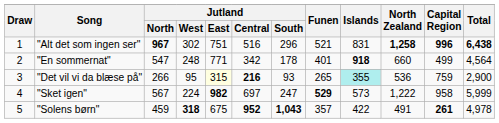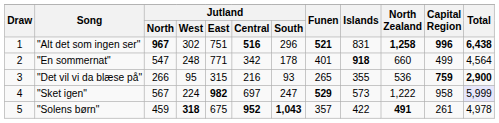 <table class="wikitable" style="margin: 1em auto 1em auto; text-align:center;">
 <tr>
 </tr>
 <tr>
 <th rowspan="2">Draw</th>
 <th rowspan="2">Song</th>
 <th colspan="5">Jutland</th>
 <th rowspan="2">Funen</th>
 <th rowspan="2">Islands</th>
 <th rowspan="2">North<br>Zealand</th>
 <th rowspan="2">Capital<br>Region</th>
 <th rowspan="2">Total</th>
 </tr>
 <tr>
 <th>North</th>
 <th>West</th>
 <th>East</th>
 <th>Central</th>
 <th>South</th>
 </tr>
 <tr>
 <td>1</td>
 <td align="left">"Alt det som ingen ser"</td>
 <td><strong>967</strong></td>
 <td>302</td>
 <td>751</td>
-<td>516</td>
+<td><strong>516</strong></td>
 <td>296</td>
-<td>521</td>
+<td><strong>521</strong></td>
 <td>831</td>
 <td><strong>1,258</strong></td>
 <td><strong>996</strong></td>
 <td><strong>6,438</strong></td>
 </tr>
 <tr>
 <td>2</td>
 <td align="left">"En sommernat"</td>
 <td>547</td>
 <td>248</td>
 <td>771</td>
 <td>342</td>
 <td>178</td>
 <td>401</td>
 <td><strong>918</strong></td>
 <td>660</td>
 <td>499</td>
 <td>4,564</td>
 </tr>
 <tr>
 <td>3</td>
 <td align="left">"Det vil vi da blæse på"</td>
 <td>266</td>
 <td>95</td>
-<td style="background: lightyellow;">315</td>
-<td><strong>216</strong></td>
+<td>315</td>
+<td>216</td>
 <td>93</td>
 <td>265</td>
-<td style="background: paleturquoise;">355</td>
+<td>355</td>
 <td>536</td>
-<td>759</td>
-<td>2,900</td>
+<td><strong>759</strong></td>
+<td><strong>2,900</strong></td>
 </tr>
 <tr>
 <td>4</td>
 <td align="left">"Sket igen"</td>
 <td>567</td>
 <td>224</td>
 <td><strong>982</strong></td>
 <td>697</td>
 <td>247</td>
 <td><strong>529</strong></td>
 <td>573</td>
 <td>1,222</td>
 <td>958</td>
-<td>5,999</td>
+<td style="background: lavender;">5,999</td>
 </tr>
 <tr>
 <td>5</td>
 <td align="left">"Solens børn"</td>
 <td>459</td>
 <td><strong>318</strong></td>
 <td>675</td>
 <td><strong>952</strong></td>
 <td><strong>1,043</strong></td>
 <td>357</td>
 <td>422</td>
-<td>491</td>
-<td><strong>261</strong></td>
+<td><strong>491</strong></td>
+<td>261</td>
 <td>4,978</td>
 </tr>
 </table>
